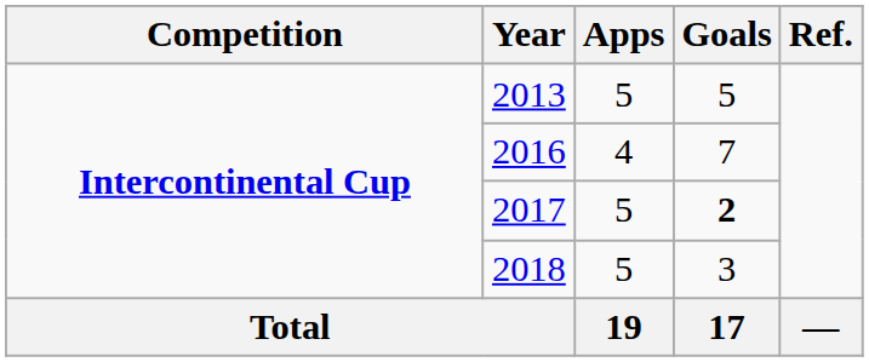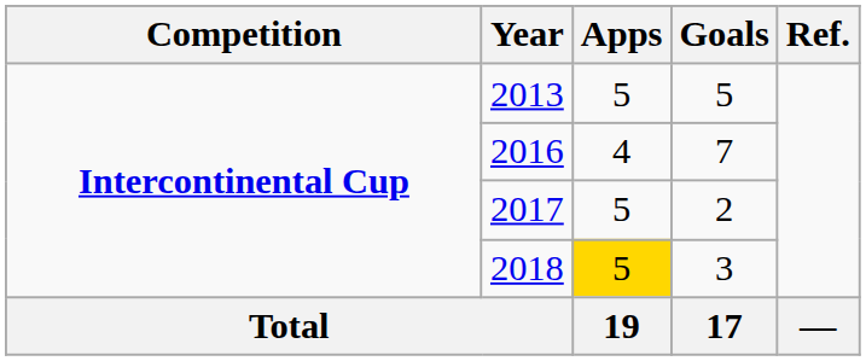 <table class="wikitable" style="text-align:center;">
 <tr>
 <th>Competition</th>
 <th>Year</th>
 <th>Apps</th>
 <th>Goals</th>
 <th>Ref.</th>
 </tr>
 <tr>
 <td rowspan="4" width=200><strong><a href='#'>Intercontinental Cup</a></strong></td>
 <td> <a href='#'>2013</a></td>
 <td>5</td>
 <td>5</td>
 <td rowspan=4></td>
 </tr>
 <tr>
 <td> <a href='#'>2016</a></td>
 <td>4</td>
 <td>7</td>
 </tr>
 <tr>
 <td> <a href='#'>2017</a></td>
 <td>5</td>
-<td><strong>2</strong></td>
+<td>2</td>
 </tr>
 <tr>
 <td> <a href='#'>2018</a></td>
-<td>5</td>
+<td style="background: gold;">5</td>
 <td>3</td>
 </tr>
 <tr>
 <th colspan=2>Total</th>
 <th>19</th>
 <th>17</th>
 <th>—</th>
 </tr>
 </table>
